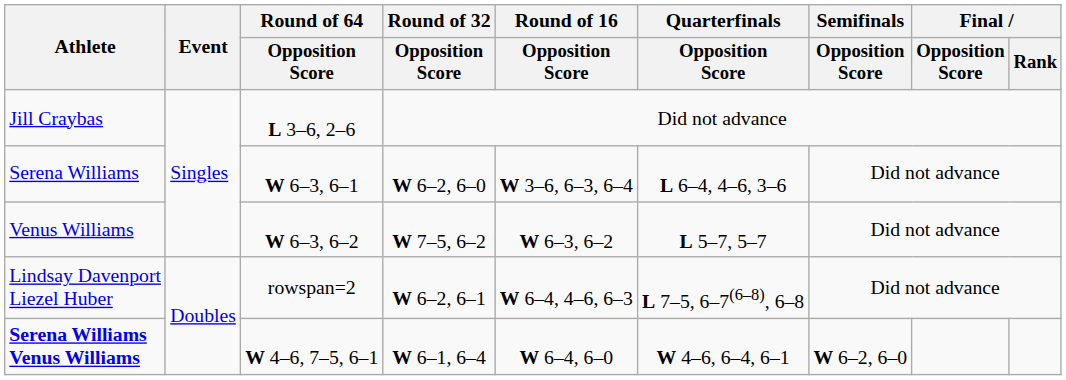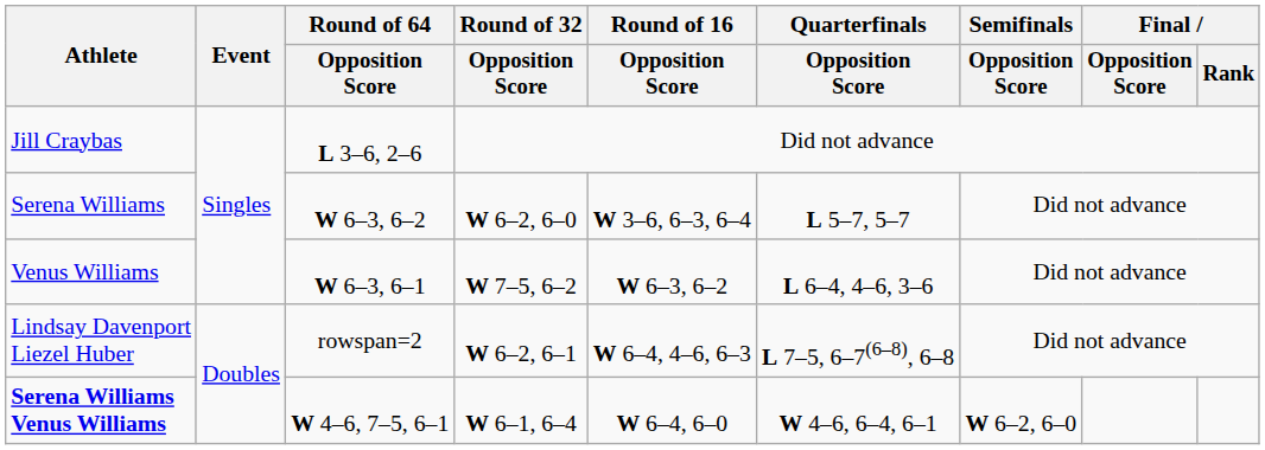 <table class=wikitable style=font-size:90%;text-align:center>
 <tr>
 <th rowspan=2>Athlete</th>
 <th rowspan=2>Event</th>
 <th>Round of 64</th>
 <th>Round of 32</th>
 <th>Round of 16</th>
 <th>Quarterfinals</th>
 <th>Semifinals</th>
 <th colspan=2>Final / </th>
 </tr>
 <tr style=font-size:95%>
 <th>Opposition<br>Score</th>
 <th>Opposition<br>Score</th>
 <th>Opposition<br>Score</th>
 <th>Opposition<br>Score</th>
 <th>Opposition<br>Score</th>
 <th>Opposition<br>Score</th>
 <th>Rank</th>
 </tr>
 <tr>
 <td align=left><a href='#'>Jill Craybas</a></td>
 <td align=left rowspan=3><a href='#'>Singles</a></td>
 <td><br><strong>L</strong> 3–6, 2–6</td>
 <td colspan=6>Did not advance</td>
 </tr>
 <tr>
 <td align=left><a href='#'>Serena Williams</a></td>
-<td><br><strong>W</strong> 6–3, 6–1</td>
+<td><br><strong>W</strong> 6–3, 6–2</td>
 <td><br><strong>W</strong> 6–2, 6–0</td>
 <td><br><strong>W</strong> 3–6, 6–3, 6–4</td>
-<td><br><strong>L</strong> 6–4, 4–6, 3–6</td>
+<td><br><strong>L</strong> 5–7, 5–7</td>
 <td colspan=6>Did not advance</td>
 </tr>
 <tr>
 <td align=left><a href='#'>Venus Williams</a></td>
-<td><br><strong>W</strong> 6–3, 6–2</td>
+<td><br><strong>W</strong> 6–3, 6–1</td>
 <td><br><strong>W</strong> 7–5, 6–2</td>
 <td><br><strong>W</strong> 6–3, 6–2</td>
-<td><br><strong>L</strong> 5–7, 5–7</td>
+<td><br><strong>L</strong> 6–4, 4–6, 3–6</td>
 <td colspan=6>Did not advance</td>
 </tr>
 <tr>
 <td align=left><a href='#'>Lindsay Davenport</a><br><a href='#'>Liezel Huber</a></td>
 <td align=left rowspan=2><a href='#'>Doubles</a></td>
 <td>rowspan=2 </td>
 <td><br><strong>W</strong> 6–2, 6–1</td>
 <td><br><strong>W</strong> 6–4, 4–6, 6–3</td>
 <td><br><strong>L</strong> 7–5, 6–7<sup>(6–8)</sup>, 6–8</td>
 <td colspan=6>Did not advance</td>
 </tr>
 <tr>
 <td align=left><strong><a href='#'>Serena Williams</a> <br><a href='#'>Venus Williams</a></strong></td>
 <td><br><strong>W</strong> 4–6, 7–5, 6–1</td>
 <td><br><strong>W</strong> 6–1, 6–4</td>
 <td><br><strong>W</strong> 6–4, 6–0</td>
 <td><br><strong>W</strong> 4–6, 6–4, 6–1</td>
 <td><br><strong>W</strong> 6–2, 6–0</td>
 <td></td>
 </tr>
 </table>
